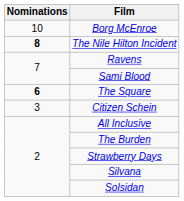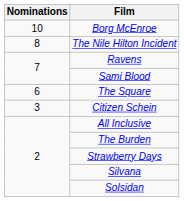 <table class="wikitable" rowspan="2" style="text-align:center;">
 <tr>
 <th scope="col">Nominations</th>
 <th scope="col">Film</th>
 </tr>
 <tr>
 <td>10</td>
 <td><em><a href='#'>Borg McEnroe</a></em></td>
 </tr>
 <tr>
-<td><strong>8</strong></td>
+<td>8</td>
 <td><em><a href='#'>The Nile Hilton Incident</a></em></td>
 </tr>
 <tr>
 <td rowspan=2>7</td>
 <td><em><a href='#'>Ravens</a></em></td>
 </tr>
 <tr>
 <td><em><a href='#'>Sami Blood</a></em></td>
 </tr>
 <tr>
-<td><strong>6</strong></td>
+<td>6</td>
 <td><em><a href='#'>The Square</a></em></td>
 </tr>
 <tr>
 <td>3</td>
 <td><em><a href='#'>Citizen Schein</a></em></td>
 </tr>
 <tr>
 <td rowspan=5>2</td>
 <td><em><a href='#'>All Inclusive</a></em></td>
 </tr>
 <tr>
 <td><em><a href='#'>The Burden</a></em></td>
 </tr>
 <tr>
 <td><em><a href='#'>Strawberry Days</a></em></td>
 </tr>
 <tr>
 <td><em><a href='#'>Silvana</a></em></td>
 </tr>
 <tr>
 <td><em><a href='#'>Solsidan</a></em></td>
 </tr>
 </table>
